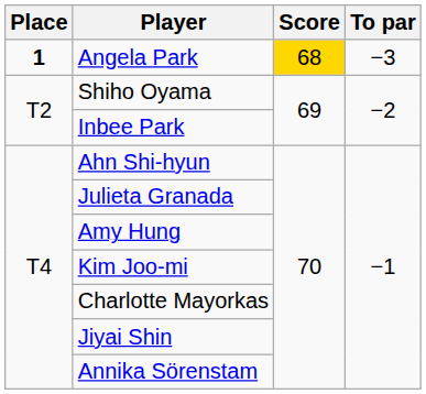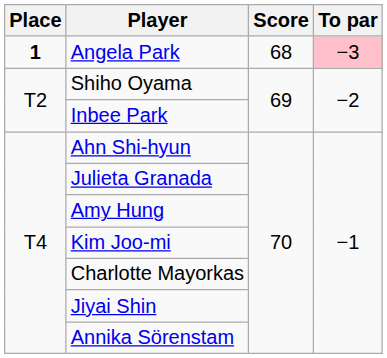 <table class="wikitable">
 <tr>
 <th>Place</th>
 <th>Player</th>
 <th>Score</th>
 <th>To par</th>
 </tr>
 <tr>
 <td align="center"><strong>1</strong></td>
 <td> <a href='#'>Angela Park</a></td>
-<td align="center" style="background: gold;">68</td>
-<td align="center">−3</td>
+<td align="center">68</td>
+<td align="center" style="background: pink;">−3</td>
 </tr>
 <tr>
 <td rowspan="2" align="center">T2</td>
 <td> Shiho Oyama</td>
 <td rowspan="2" align="center">69</td>
 <td rowspan="2" align="center">−2</td>
 </tr>
 <tr>
 <td> <a href='#'>Inbee Park</a></td>
 </tr>
 <tr>
 <td rowspan="7" align="center">T4</td>
 <td> <a href='#'>Ahn Shi-hyun</a></td>
 <td rowspan="7" align="center">70</td>
 <td rowspan="7" align="center">−1</td>
 </tr>
 <tr>
 <td> <a href='#'>Julieta Granada</a></td>
 </tr>
 <tr>
 <td> <a href='#'>Amy Hung</a></td>
 </tr>
 <tr>
 <td> <a href='#'>Kim Joo-mi</a></td>
 </tr>
 <tr>
 <td> Charlotte Mayorkas</td>
 </tr>
 <tr>
 <td> <a href='#'>Jiyai Shin</a></td>
 </tr>
 <tr>
 <td> <a href='#'>Annika Sörenstam</a></td>
 </tr>
 </table>
